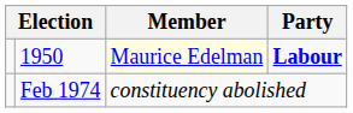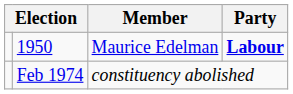 <table class="wikitable">
 <tr>
 <th colspan="2">Election</th>
 <th>Member</th>
 <th>Party</th>
 </tr>
 <tr>
 <td style="color:inherit;background-color: "></td>
 <td><a href='#'>1950</a></td>
-<td style="background: lightyellow;"><a href='#'>Maurice Edelman</a></td>
+<td><a href='#'>Maurice Edelman</a></td>
 <td><strong><a href='#'>Labour</a></strong></td>
 </tr>
 <tr>
 <td></td>
 <td><a href='#'>Feb 1974</a></td>
 <td colspan="2"><em>constituency abolished</em></td>
 </tr>
 </table>
